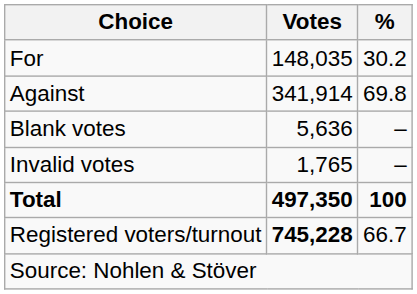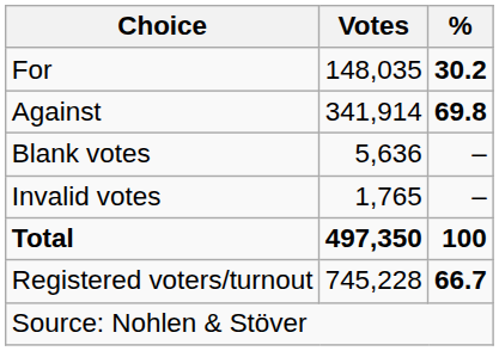 <table class=wikitable style=text-align:right>
 <tr>
 <th>Choice</th>
 <th>Votes</th>
 <th>%</th>
 </tr>
 <tr>
 <td align=left>For</td>
 <td>148,035</td>
-<td>30.2</td>
+<td><strong>30.2</strong></td>
 </tr>
 <tr>
 <td align=left>Against</td>
 <td>341,914</td>
-<td>69.8</td>
+<td><strong>69.8</strong></td>
 </tr>
 <tr>
 <td align=left>Blank votes</td>
 <td>5,636</td>
 <td>–</td>
 </tr>
 <tr>
 <td align=left>Invalid votes</td>
 <td>1,765</td>
 <td>–</td>
 </tr>
 <tr>
 <td align=left><strong>Total</strong></td>
 <td><strong>497,350</strong></td>
 <td><strong>100</strong></td>
 </tr>
 <tr>
 <td align=left>Registered voters/turnout</td>
-<td><strong>745,228</strong></td>
-<td>66.7</td>
+<td>745,228</td>
+<td><strong>66.7</strong></td>
 </tr>
 <tr>
 <td align=left colspan=3>Source: Nohlen & Stöver</td>
 </tr>
 </table>
